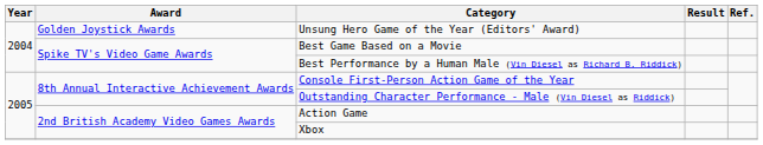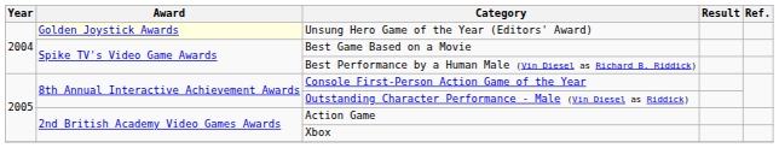 <table class="wikitable" style="font-size: 95%;">
 <tr>
 <th>Year</th>
 <th>Award</th>
 <th>Category</th>
 <th>Result</th>
 <th class="unsortable">Ref.</th>
 </tr>
 <tr>
 <td rowspan="3" align="center">2004</td>
-<td><a href='#'>Golden Joystick Awards</a></td>
+<td style="background: lightyellow;"><a href='#'>Golden Joystick Awards</a></td>
 <td>Unsung Hero Game of the Year (Editors' Award)</td>
 <td></td>
 <td style="text-align:center;"></td>
 </tr>
 <tr>
 <td rowspan="2"><a href='#'>Spike TV's Video Game Awards</a></td>
 <td>Best Game Based on a Movie</td>
 <td></td>
 <td style="text-align:center;"></td>
 </tr>
 <tr>
 <td>Best Performance by a Human Male <small>(<a href='#'>Vin Diesel</a> as <a href='#'>Richard B. Riddick</a>)</small></td>
 <td></td>
 <td style="text-align:center;"></td>
 </tr>
 <tr>
 <td rowspan="4" align="center">2005</td>
 <td rowspan="2"><a href='#'>8th Annual Interactive Achievement Awards</a></td>
 <td><a href='#'>Console First-Person Action Game of the Year</a></td>
 <td></td>
 <td rowspan="2" style="text-align:center;"></td>
 </tr>
 <tr>
 <td><a href='#'>Outstanding Character Performance - Male</a> <small>(<a href='#'>Vin Diesel</a> as <a href='#'>Riddick</a>)</small></td>
 <td></td>
 </tr>
 <tr>
 <td rowspan="2"><a href='#'>2nd British Academy Video Games Awards</a></td>
 <td>Action Game</td>
 <td></td>
 <td style="text-align:center;"></td>
 </tr>
 <tr>
 <td>Xbox</td>
 <td></td>
 <td style="text-align:center;"></td>
 </tr>
 <tr>
 </tr>
 </table>
